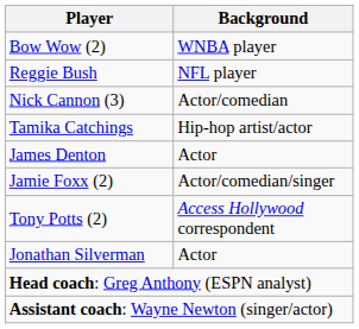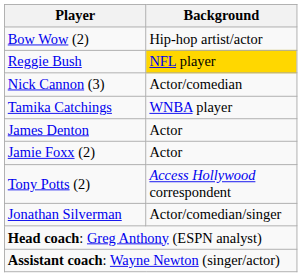 <table class="wikitable">
 <tr>
 <th width=150>Player</th>
 <th width=160>Background</th>
 </tr>
 <tr>
 <td><a href='#'>Bow Wow</a> (2)</td>
-<td><a href='#'>WNBA</a> player</td>
+<td>Hip-hop artist/actor</td>
 </tr>
 <tr>
 <td><a href='#'>Reggie Bush</a></td>
-<td><a href='#'>NFL</a> player</td>
+<td style="background: gold;"><a href='#'>NFL</a> player</td>
 </tr>
 <tr>
 <td><a href='#'>Nick Cannon</a> (3)</td>
 <td>Actor/comedian</td>
 </tr>
 <tr>
 <td><a href='#'>Tamika Catchings</a></td>
-<td>Hip-hop artist/actor</td>
+<td><a href='#'>WNBA</a> player</td>
 </tr>
 <tr>
 <td><a href='#'>James Denton</a></td>
 <td>Actor</td>
 </tr>
 <tr>
 <td><a href='#'>Jamie Foxx</a> (2)</td>
-<td>Actor/comedian/singer</td>
+<td>Actor</td>
 </tr>
 <tr>
 <td><a href='#'>Tony Potts</a> (2)</td>
 <td><em><a href='#'>Access Hollywood</a></em> correspondent</td>
 </tr>
 <tr>
 <td><a href='#'>Jonathan Silverman</a></td>
-<td>Actor</td>
+<td>Actor/comedian/singer</td>
 </tr>
 <tr>
 <td colspan="3"><strong>Head coach</strong>: <a href='#'>Greg Anthony</a> (ESPN analyst)</td>
 </tr>
 <tr>
 <td colspan="3"><strong>Assistant coach</strong>: <a href='#'>Wayne Newton</a> (singer/actor)</td>
 </tr>
 </table>
